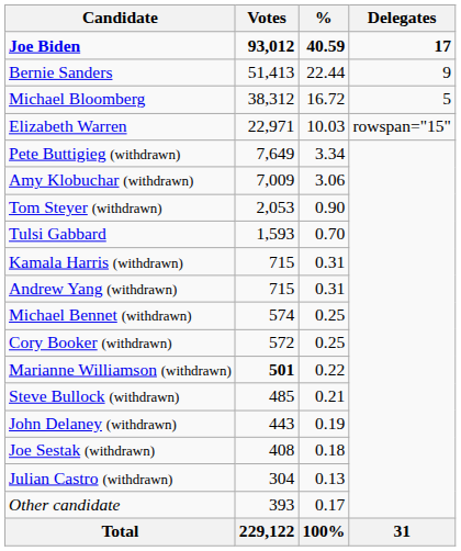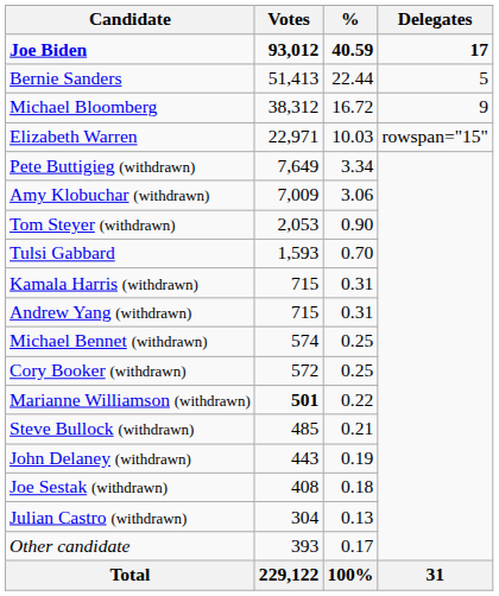 <table class="wikitable sortable" style="text-align:right;">
 <tr>
 <th>Candidate</th>
 <th>Votes</th>
 <th>%</th>
 <th>Delegates</th>
 </tr>
 <tr>
 <td style="text-align:left;" data-sort-value="Biden, Joe"><strong><a href='#'>Joe Biden</a></strong></td>
 <td><strong>93,012</strong></td>
 <td><strong>40.59</strong></td>
 <td><strong>17</strong></td>
 </tr>
 <tr>
 <td style="text-align:left;" data-sort-value="Sanders, Bernie"><a href='#'>Bernie Sanders</a></td>
 <td>51,413</td>
 <td>22.44</td>
-<td>9</td>
+<td>5</td>
 </tr>
 <tr>
 <td style="text-align:left;" data-sort-value="Bloomberg, Michael"><a href='#'>Michael Bloomberg</a></td>
 <td>38,312</td>
 <td>16.72</td>
-<td>5</td>
+<td>9</td>
 </tr>
 <tr>
 <td style="text-align:left;" data-sort-value="Warren, Elizabeth"><a href='#'>Elizabeth Warren</a></td>
 <td>22,971</td>
 <td>10.03</td>
 <td>rowspan="15" </td>
 </tr>
 <tr>
 <td style="text-align:left;" data-sort-value="Buttigieg, Pete"><a href='#'>Pete Buttigieg</a> <small>(withdrawn)</small></td>
 <td>7,649</td>
 <td>3.34</td>
 </tr>
 <tr>
 <td style="text-align:left;" data-sort-value="Klobuchar, Amy"><a href='#'>Amy Klobuchar</a> <small>(withdrawn)</small></td>
 <td>7,009</td>
 <td>3.06</td>
 </tr>
 <tr>
 <td style="text-align:left;" data-sort-value="Steyer, Tom"><a href='#'>Tom Steyer</a> <small>(withdrawn)</small></td>
 <td>2,053</td>
 <td>0.90</td>
 </tr>
 <tr>
 <td style="text-align:left;" data-sort-value="Gabbard, Tulsi"><a href='#'>Tulsi Gabbard</a></td>
 <td>1,593</td>
 <td>0.70</td>
 </tr>
 <tr>
 <td style="text-align:left;" data-sort-value="Harris, Kamala"><a href='#'>Kamala Harris</a> <small>(withdrawn)</small></td>
 <td>715</td>
 <td>0.31</td>
 </tr>
 <tr>
 <td style="text-align:left;" data-sort-value="Yang, Andrew"><a href='#'>Andrew Yang</a> <small>(withdrawn)</small></td>
 <td>715</td>
 <td>0.31</td>
 </tr>
 <tr>
 <td style="text-align:left;" data-sort-value="Bennet, Michael"><a href='#'>Michael Bennet</a> <small>(withdrawn)</small></td>
 <td>574</td>
 <td>0.25</td>
 </tr>
 <tr>
 <td style="text-align:left;" data-sort-value="Booker, Cory"><a href='#'>Cory Booker</a> <small>(withdrawn)</small></td>
 <td>572</td>
 <td>0.25</td>
 </tr>
 <tr>
 <td style="text-align:left;" data-sort-value="Williamson, Marianne"><a href='#'>Marianne Williamson</a> <small>(withdrawn)</small></td>
 <td><strong>501</strong></td>
 <td>0.22</td>
 </tr>
 <tr>
 <td style="text-align:left;" data-sort-value="Bullock, Steve"><a href='#'>Steve Bullock</a> <small>(withdrawn)</small></td>
 <td>485</td>
 <td>0.21</td>
 </tr>
 <tr>
 <td style="text-align:left;" data-sort-value="Delaney, John"><a href='#'>John Delaney</a> <small>(withdrawn)</small></td>
 <td>443</td>
 <td>0.19</td>
 </tr>
 <tr>
 <td style="text-align:left;" data-sort-value="Sestak, Joe"><a href='#'>Joe Sestak</a> <small>(withdrawn)</small></td>
 <td>408</td>
 <td>0.18</td>
 </tr>
 <tr>
 <td style="text-align:left;" data-sort-value="Castro, Julian"><a href='#'>Julian Castro</a> <small>(withdrawn)</small></td>
 <td>304</td>
 <td>0.13</td>
 </tr>
 <tr>
 <td style="text-align:left;" data-sort-value="ZZ"><em>Other candidate</em></td>
 <td>393</td>
 <td>0.17</td>
 </tr>
 <tr>
 <th>Total</th>
 <th>229,122</th>
 <th>100%</th>
 <th>31</th>
 </tr>
 </table>
